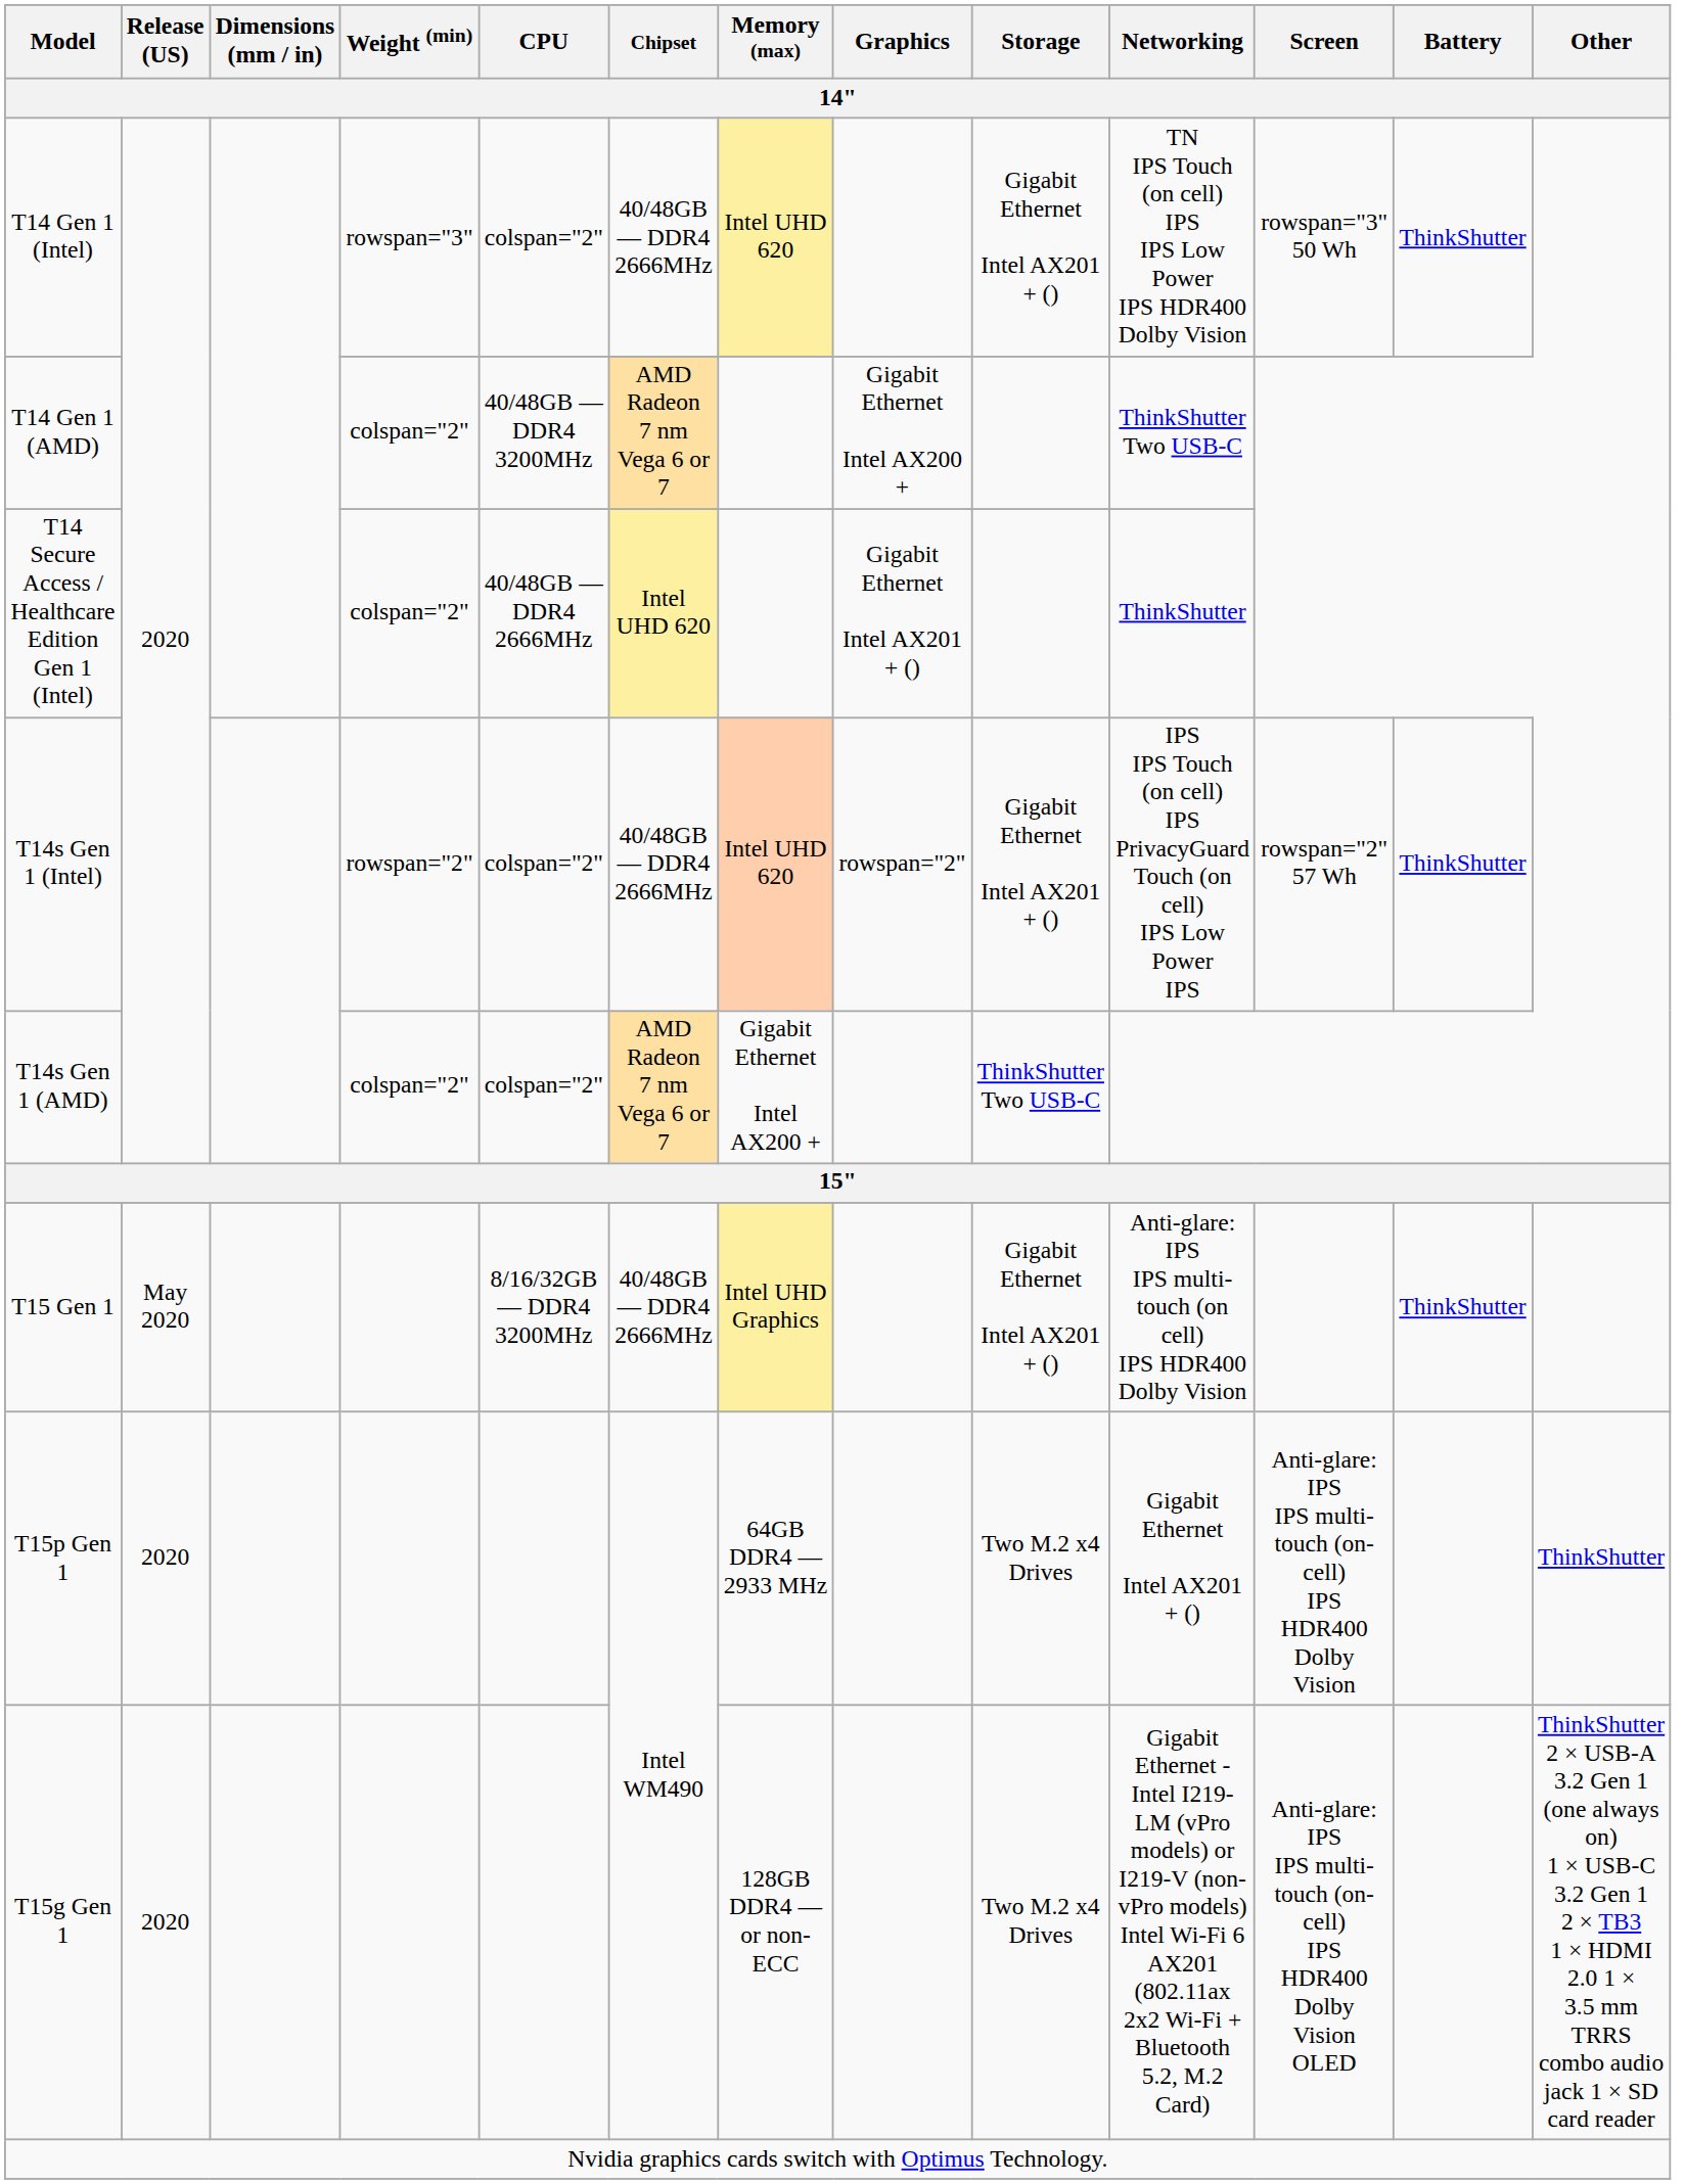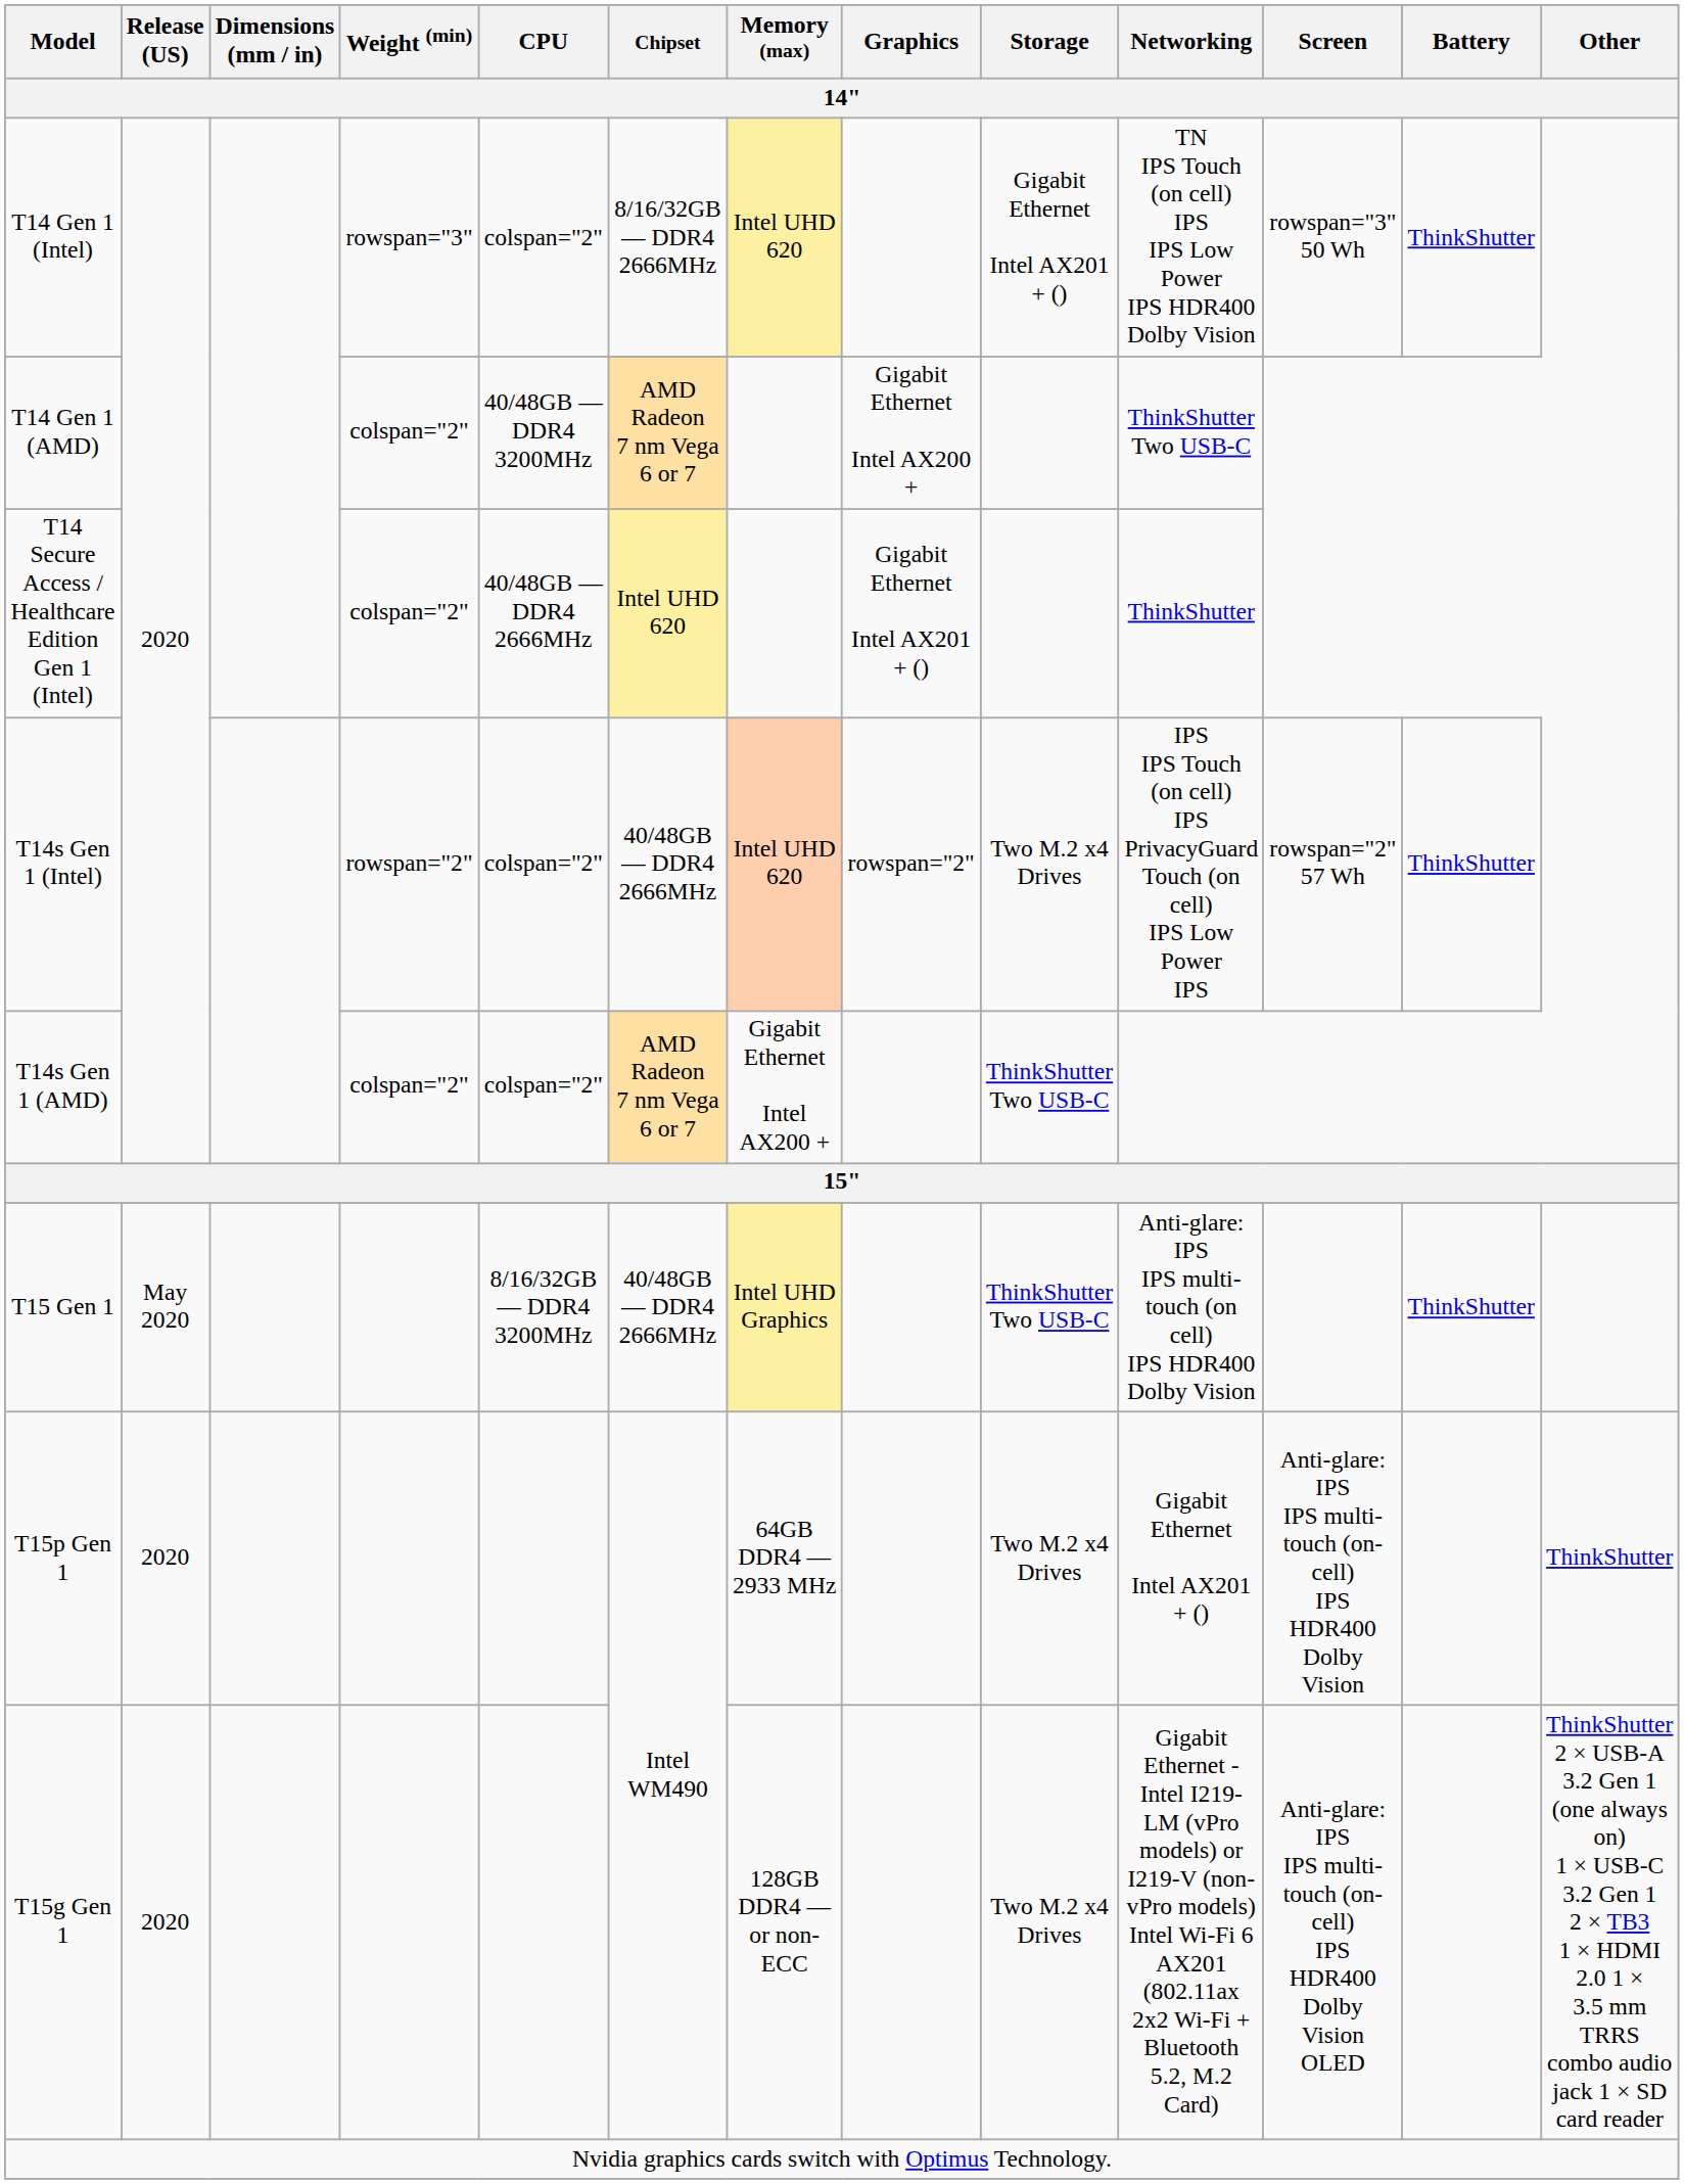 <table class="wikitable" style="font-size: 80%; text-align: center; min-width: 80%;">
 <tr>
 <th>Model</th>
 <th>Release (US)</th>
 <th>Dimensions (mm / in)</th>
 <th>Weight <sup>(min)</sup></th>
 <th>CPU</th>
 <th><small>Chipset</small></th>
 <th>Memory <sup>(max)</sup></th>
 <th>Graphics</th>
 <th>Storage</th>
 <th>Networking</th>
 <th>Screen</th>
 <th>Battery</th>
 <th>Other</th>
 </tr>
 <tr>
 <th colspan="13">14"</th>
 </tr>
 <tr>
 <td>T14 Gen 1 (Intel)</td>
 <td rowspan="5">2020</td>
 <td rowspan="3"></td>
 <td>rowspan="3" </td>
 <td>colspan="2" </td>
-<td style="background:">40/48GB — DDR4 2666MHz<br> </td>
+<td style="background:">8/16/32GB — DDR4 2666MHz<br></td>
 <td style="background:#fdf1a1;">Intel UHD 620<br></td>
 <td></td>
 <td>Gigabit Ethernet<br><br>Intel  AX201 +  ()<br><small></small></td>
 <td style="background:"> TN <br> IPS Touch (on cell) <br> IPS <br> IPS Low Power <br>  IPS HDR400 Dolby Vision</td>
 <td>rowspan="3"  50 Wh</td>
 <td><a href='#'>ThinkShutter</a><br></td>
 </tr>
 <tr>
 <td>T14 Gen 1 (AMD)</td>
 <td>colspan="2" </td>
 <td style="background:">40/48GB — DDR4 3200MHz<br> </td>
 <td style="background:#fee0a3;">AMD Radeon 7 nm Vega 6 or 7</td>
 <td></td>
 <td>Gigabit Ethernet<br><br>Intel  AX200 + <br><small></small></td>
 <td></td>
 <td><a href='#'>ThinkShutter</a><br>Two <a href='#'>USB-C</a>  </td>
 </tr>
 <tr>
 <td>T14 Secure Access /<br>Healthcare Edition Gen 1 (Intel)</td>
 <td>colspan="2" </td>
 <td style="background:">40/48GB — DDR4 2666MHz<br> </td>
 <td style="background:#fdf1a1;">Intel UHD 620<br></td>
 <td></td>
 <td>Gigabit Ethernet<br><br>Intel  AX201 +  ()<br><small></small></td>
 <td></td>
 <td><a href='#'>ThinkShutter</a><br></td>
 </tr>
 <tr>
 <td>T14s Gen 1 (Intel)</td>
 <td rowspan="2"></td>
 <td>rowspan="2" </td>
 <td>colspan="2" </td>
 <td style="background:">40/48GB — DDR4 2666MHz<br> </td>
 <td style="background:#ffcead;">Intel UHD 620</td>
 <td>rowspan="2" </td>
-<td> Gigabit Ethernet<br><br>Intel  AX201 +  ()<br><small></small></td>
+<td style="background:">Two M.2 x4 Drives</td>
 <td style="background:"> IPS <br> IPS Touch (on cell) <br>IPS PrivacyGuard Touch (on cell) <br> IPS Low Power <br> IPS</td>
 <td>rowspan="2"  57 Wh</td>
 <td><a href='#'>ThinkShutter</a><br></td>
 </tr>
 <tr>
 <td>T14s Gen 1 (AMD)</td>
 <td>colspan="2" </td>
 <td>colspan="2" </td>
 <td style="background:#fee0a3;">AMD Radeon 7 nm Vega 6 or 7</td>
 <td> Gigabit Ethernet<br><br>Intel  AX200 + <br><small></small></td>
 <td></td>
 <td><a href='#'>ThinkShutter</a><br>Two <a href='#'>USB-C</a>  </td>
 </tr>
 <tr>
 <th colspan="13">15"</th>
 </tr>
 <tr>
 <td>T15 Gen 1</td>
 <td>May 2020</td>
 <td></td>
 <td></td>
 <td style="background:">8/16/32GB — DDR4 3200MHz<br></td>
 <td style="background:">40/48GB — DDR4 2666MHz<br> </td>
 <td style="background:#fdf1a1;">Intel UHD Graphics<br></td>
 <td></td>
-<td>Gigabit Ethernet<br><br>Intel  AX201 +  ()<br><small></small></td>
+<td><a href='#'>ThinkShutter</a><br>Two <a href='#'>USB-C</a>  </td>
 <td style="background:">Anti-glare: <br> IPS <br> IPS multi-touch (on cell) <br> IPS HDR400 Dolby Vision</td>
 <td></td>
 <td><a href='#'>ThinkShutter</a><br></td>
 </tr>
 <tr>
 <td>T15p Gen 1</td>
 <td>2020</td>
 <td></td>
 <td></td>
 <td></td>
 <td rowspan="2">Intel WM490</td>
 <td style="background:">64GB DDR4 — 2933 MHz </td>
 <td></td>
 <td style="background:">Two M.2 x4 Drives</td>
 <td>Gigabit Ethernet<br><br>Intel  AX201 +  ()<br><small></small></td>
 <td style="background:"><br>Anti-glare: <br>  IPS <br>  IPS multi-touch (on-cell)<br>  IPS HDR400 Dolby Vision</td>
 <td></td>
 <td><a href='#'>ThinkShutter</a><br></td>
 </tr>
 <tr>
 <td>T15g Gen 1</td>
 <td>2020</td>
 <td></td>
 <td></td>
 <td></td>
 <td style="background:">128GB DDR4 —   or non-ECC<br></td>
 <td></td>
 <td style="background:">Two M.2 x4 Drives</td>
 <td>Gigabit Ethernet - Intel I219-LM (vPro models) or I219-V (non-vPro models)<br>Intel Wi-Fi 6 AX201 (802.11ax 2x2 Wi-Fi + Bluetooth 5.2, M.2 Card) <br><small></small></td>
 <td style="background:"><br>Anti-glare: <br>  IPS <br>  IPS multi-touch (on-cell)<br>  IPS HDR400 Dolby Vision<br>  OLED</td>
 <td></td>
 <td><a href='#'>ThinkShutter</a><br>2 × USB-A 3.2 Gen 1 (one always on)<br>1 × USB-C 3.2 Gen 1<br>2 × <a href='#'>TB3</a><br>1 × HDMI 2.0 1 × 3.5 mm TRRS combo audio jack 1 × SD card reader</td>
 </tr>
 <tr>
 <td colspan="13">Nvidia graphics cards switch with <a href='#'>Optimus</a> Technology.</td>
 </tr>
 </table>
